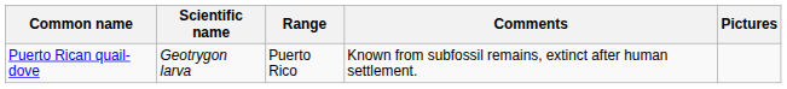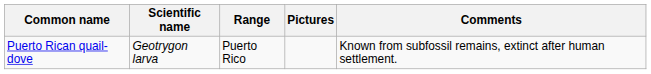 <table class="wikitable">
 <tr>
 <th>Common name</th>
 <th>Scientific name</th>
 <th>Range</th>
+<th class="unsortable">Pictures</th>
 <th class="unsortable">Comments</th>
-<th class="unsortable">Pictures</th>
 </tr>
 <tr>
 <td><a href='#'>Puerto Rican quail-dove</a></td>
 <td><em>Geotrygon larva</em></td>
 <td>Puerto Rico</td>
+<td></td>
 <td>Known from subfossil remains, extinct after human settlement.</td>
-<td></td>
 </tr>
 </table>
